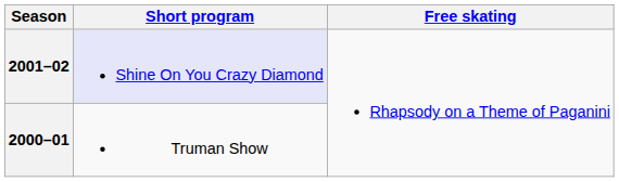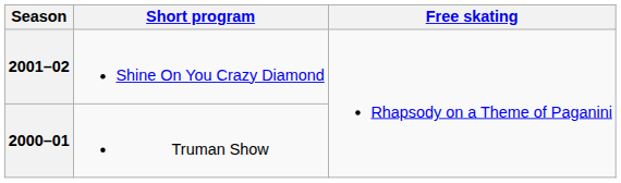 <table class="wikitable" style="text-align:center">
 <tr>
 <th>Season</th>
 <th><a href='#'>Short program</a></th>
 <th><a href='#'>Free skating</a></th>
 </tr>
 <tr>
 <th>2001–02 <br> </th>
-<td style="background: lavender;"><br><ul><li><a href='#'>Shine On You Crazy Diamond</a> <br></li></ul></td>
+<td><br><ul><li><a href='#'>Shine On You Crazy Diamond</a> <br></li></ul></td>
 <td rowspan=2><br><ul><li><a href='#'>Rhapsody on a Theme of Paganini</a> <br></li></ul></td>
 </tr>
 <tr>
 <th>2000–01 <br> </th>
 <td><br><ul><li>Truman Show</li></ul></td>
 </tr>
 </table>
